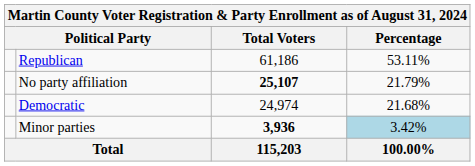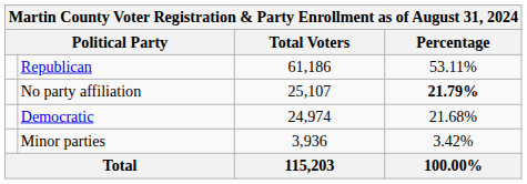 <table class=wikitable>
 <tr>
 <th colspan = 6>Martin County Voter Registration & Party Enrollment as of August 31, 2024</th>
 </tr>
 <tr>
 <th colspan = 2>Political Party</th>
 <th>Total Voters</th>
 <th>Percentage</th>
 </tr>
 <tr>
 <td></td>
 <td><a href='#'>Republican</a></td>
 <td align = center>61,186</td>
 <td align = center>53.11%</td>
 </tr>
 <tr>
 <td></td>
 <td>No party affiliation</td>
-<td align = center><strong>25,107</strong></td>
-<td align = center>21.79%</td>
+<td align = center>25,107</td>
+<td align = center><strong>21.79%</strong></td>
 </tr>
 <tr>
 <td></td>
 <td><a href='#'>Democratic</a></td>
 <td align = center>24,974</td>
 <td align = center>21.68%</td>
 </tr>
 <tr>
 <td></td>
 <td>Minor parties</td>
-<td align = center><strong>3,936</strong></td>
-<td align = center style="background: lightblue;">3.42%</td>
+<td align = center>3,936</td>
+<td align = center>3.42%</td>
 </tr>
 <tr>
 <th colspan = 2>Total</th>
 <th align = center>115,203</th>
 <th align = center>100.00%</th>
 </tr>
 </table>
